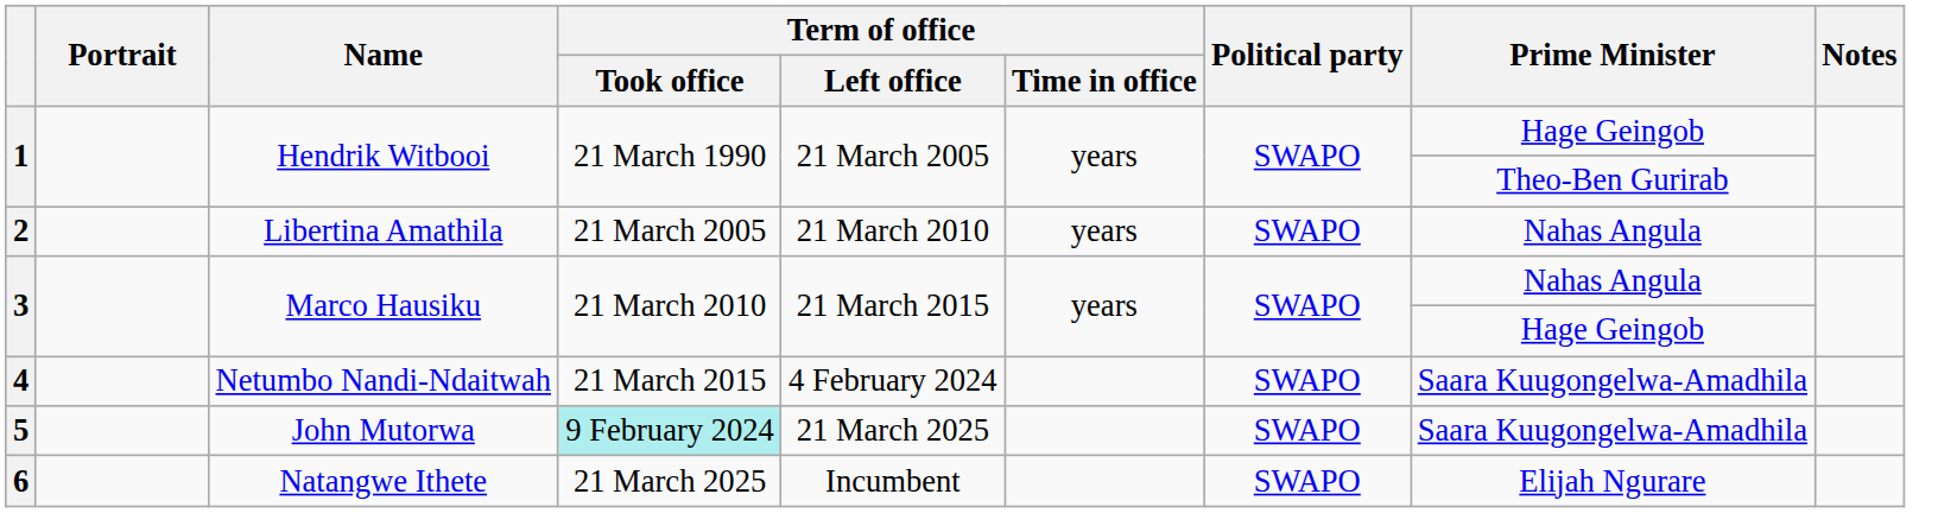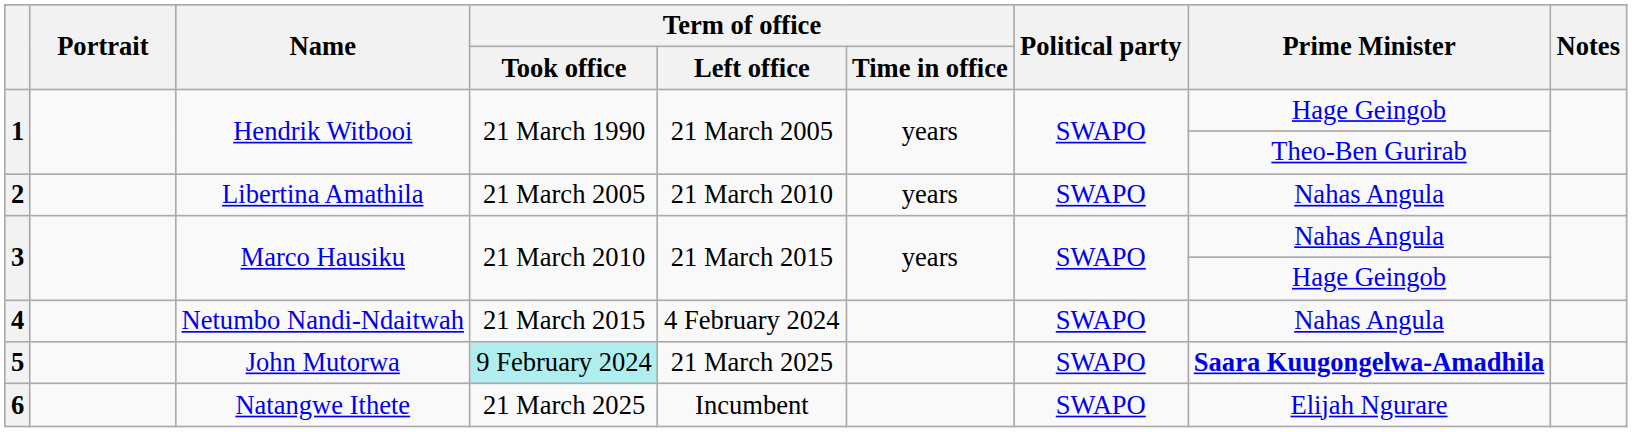 <table class="wikitable" style="text-align:center">
 <tr>
 <th rowspan="2"></th>
 <th rowspan="2" style="width:80px;">Portrait</th>
 <th rowspan="2">Name<br></th>
 <th colspan="3">Term of office</th>
 <th rowspan="2">Political party</th>
 <th rowspan="2">Prime Minister</th>
 <th rowspan="2">Notes</th>
 </tr>
 <tr>
 <th>Took office</th>
 <th>Left office</th>
 <th>Time in office</th>
 </tr>
 <tr>
 <th rowspan=2 style="background:">1</th>
 <td rowspan=2></td>
 <td rowspan=2><a href='#'>Hendrik Witbooi</a><br></td>
 <td rowspan=2>21 March 1990</td>
 <td rowspan=2>21 March 2005</td>
 <td rowspan=2> years</td>
 <td rowspan=2><a href='#'>SWAPO</a></td>
 <td><a href='#'>Hage Geingob</a></td>
 <td rowspan=2></td>
 </tr>
 <tr>
 <td><a href='#'>Theo-Ben Gurirab</a></td>
 </tr>
 <tr>
 <th style="background:">2</th>
 <td></td>
 <td><a href='#'>Libertina Amathila</a><br></td>
 <td>21 March 2005</td>
 <td>21 March 2010</td>
 <td> years</td>
 <td><a href='#'>SWAPO</a></td>
 <td><a href='#'>Nahas Angula</a></td>
 <td></td>
 </tr>
 <tr>
 <th rowspan=2 style="background:">3</th>
 <td rowspan=2></td>
 <td rowspan=2><a href='#'>Marco Hausiku</a><br></td>
 <td rowspan=2>21 March 2010</td>
 <td rowspan=2>21 March 2015</td>
 <td rowspan=2> years</td>
 <td rowspan=2><a href='#'>SWAPO</a></td>
 <td><a href='#'>Nahas Angula</a></td>
 <td rowspan=2></td>
 </tr>
 <tr>
 <td><a href='#'>Hage Geingob</a></td>
 </tr>
 <tr>
 <th style="background:">4</th>
 <td></td>
 <td><a href='#'>Netumbo Nandi-Ndaitwah</a><br></td>
 <td>21 March 2015</td>
 <td>4 February 2024</td>
 <td></td>
 <td><a href='#'>SWAPO</a></td>
-<td><a href='#'>Saara Kuugongelwa-Amadhila</a></td>
+<td><a href='#'>Nahas Angula</a></td>
 <td></td>
 </tr>
 <tr>
 <th style="background:">5</th>
 <td></td>
 <td><a href='#'>John Mutorwa</a><br></td>
 <td style="background: paleturquoise;">9 February 2024</td>
 <td>21 March 2025</td>
 <td></td>
 <td><a href='#'>SWAPO</a></td>
-<td><a href='#'>Saara Kuugongelwa-Amadhila</a></td>
+<td><strong><a href='#'>Saara Kuugongelwa-Amadhila</a></strong></td>
 <td></td>
 </tr>
 <tr>
 <th style="background:">6</th>
 <td></td>
 <td><a href='#'>Natangwe Ithete</a><br></td>
 <td>21 March 2025</td>
 <td>Incumbent</td>
 <td></td>
 <td><a href='#'>SWAPO</a></td>
 <td><a href='#'>Elijah Ngurare</a></td>
 <td></td>
 </tr>
 </table>
